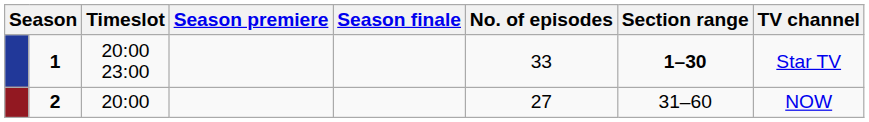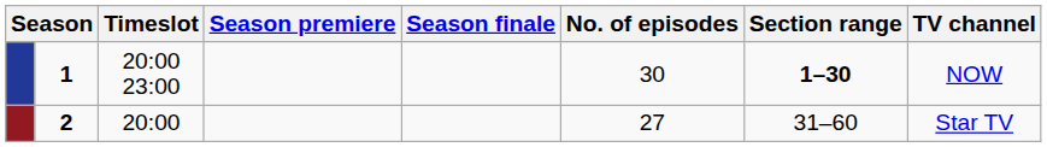 <table class="wikitable">
 <tr>
 <th colspan=2>Season</th>
 <th>Timeslot</th>
 <th><a href='#'>Season premiere</a></th>
 <th><a href='#'>Season finale</a></th>
 <th>No. of episodes</th>
 <th>Section range</th>
 <th>TV channel</th>
 </tr>
 <tr>
 <td style="background:#213899"></td>
 <td style="text-align:center;"><strong>1</strong></td>
 <td style="text-align:center;">20:00 <br> 23:00</td>
 <td style="text-align:center;"></td>
 <td style="text-align:center;"></td>
-<td style="text-align:center;">33</td>
+<td style="text-align:center;">30</td>
 <td style="text-align:center;"><strong>1–30</strong></td>
-<td style="text-align:center;"><a href='#'>Star TV</a></td>
+<td style="text-align:center;"><a href='#'>NOW</a></td>
 </tr>
 <tr>
 <td style="background:#921821"></td>
 <td style="text-align:center;"><strong>2</strong></td>
 <td style="text-align:center;">20:00</td>
 <td style="text-align:center;"></td>
 <td style="text-align:center;"></td>
 <td style="text-align:center;">27</td>
 <td style="text-align:center;">31–60</td>
-<td style="text-align:center;"><a href='#'>NOW</a></td>
+<td style="text-align:center;"><a href='#'>Star TV</a></td>
 </tr>
 </table>
